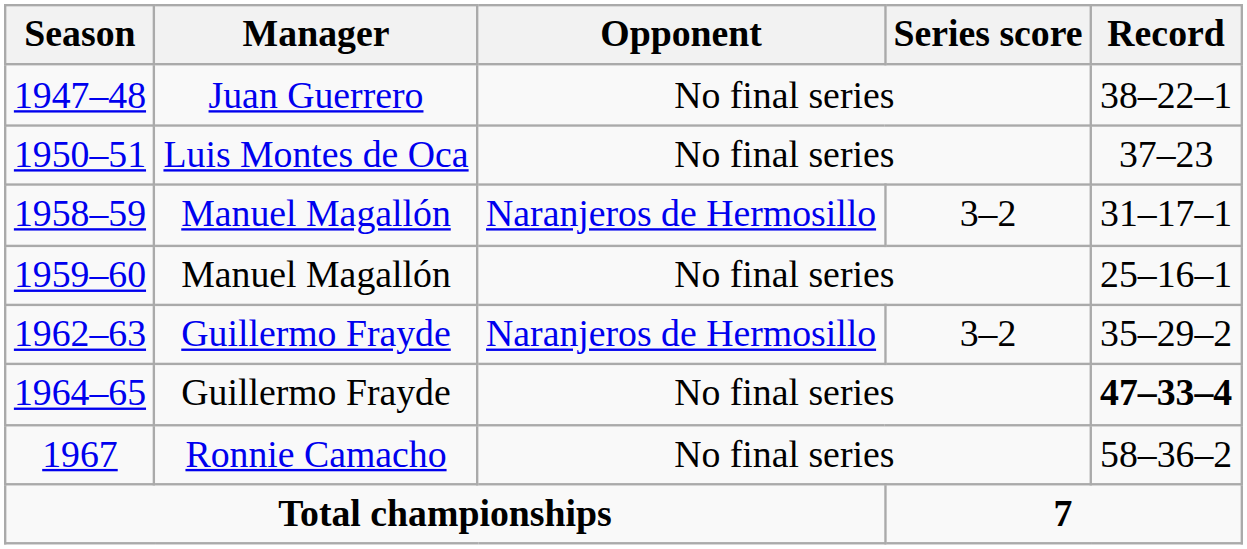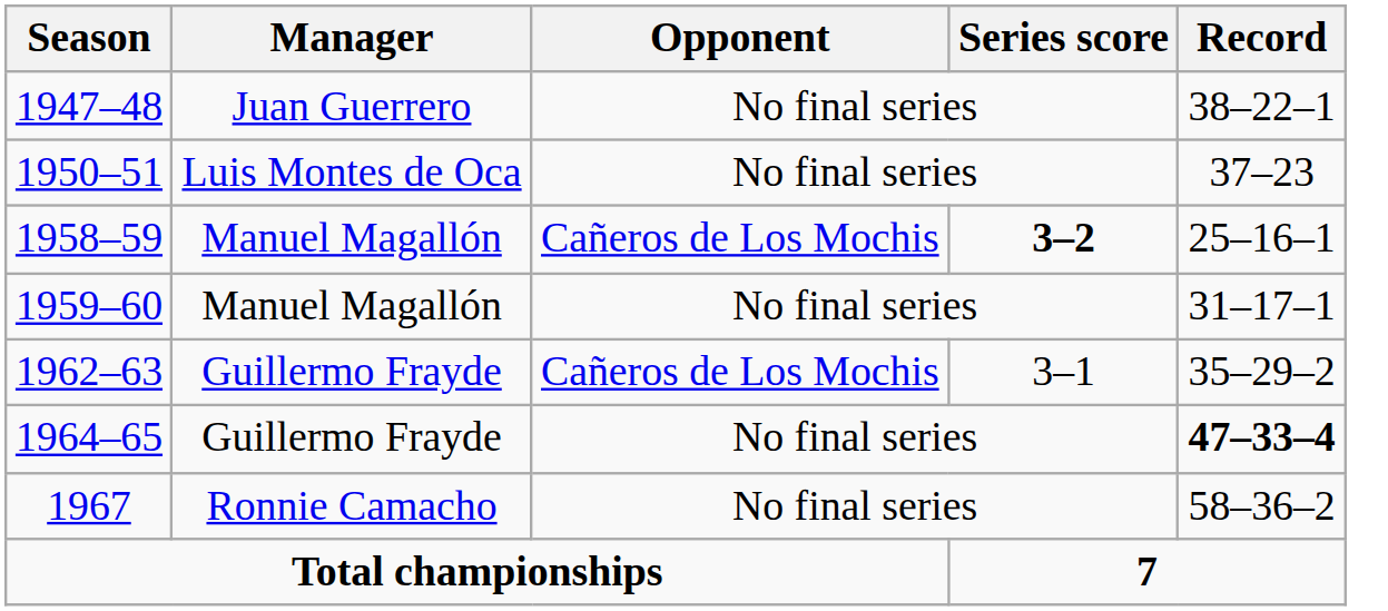 <table class="wikitable plainrowheaders sortable" style="text-align:center;">
 <tr>
 <th scope="col">Season</th>
 <th scope="col">Manager</th>
 <th scope="col">Opponent</th>
 <th scope="col">Series score</th>
 <th scope="col">Record</th>
 </tr>
 <tr>
 <td><a href='#'>1947–48</a></td>
 <td><a href='#'>Juan Guerrero</a></td>
 <td colspan=2>No final series</td>
 <td>38–22–1</td>
 </tr>
 <tr>
 <td><a href='#'>1950–51</a></td>
 <td><a href='#'>Luis Montes de Oca</a></td>
 <td colspan=2>No final series</td>
 <td>37–23</td>
 </tr>
 <tr>
 <td><a href='#'>1958–59</a></td>
 <td><a href='#'>Manuel Magallón</a></td>
-<td><a href='#'>Naranjeros de Hermosillo</a></td>
-<td>3–2</td>
-<td>31–17–1</td>
+<td><a href='#'>Cañeros de Los Mochis</a></td>
+<td><strong>3–2</strong></td>
+<td>25–16–1</td>
 </tr>
 <tr>
 <td><a href='#'>1959–60</a></td>
 <td>Manuel Magallón</td>
 <td colspan=2>No final series</td>
-<td>25–16–1</td>
+<td>31–17–1</td>
 </tr>
 <tr>
 <td><a href='#'>1962–63</a></td>
 <td><a href='#'>Guillermo Frayde</a></td>
-<td><a href='#'>Naranjeros de Hermosillo</a></td>
-<td>3–2</td>
+<td><a href='#'>Cañeros de Los Mochis</a></td>
+<td>3–1</td>
 <td>35–29–2</td>
 </tr>
 <tr>
 <td><a href='#'>1964–65</a></td>
 <td>Guillermo Frayde</td>
 <td colspan=2>No final series</td>
 <td><strong>47–33–4</strong></td>
 </tr>
 <tr>
 <td><a href='#'>1967</a></td>
 <td><a href='#'>Ronnie Camacho</a></td>
 <td colspan=2>No final series</td>
 <td>58–36–2</td>
 </tr>
 <tr style="text-align:center; ">
 <td colspan="3"><strong>Total championships</strong></td>
 <td colspan="2"><strong>7</strong></td>
 </tr>
 </table>
